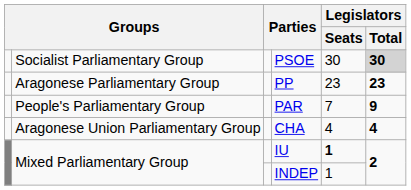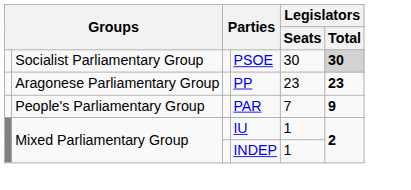 <table class="wikitable" style="text-align:left;">
 <tr>
 <th rowspan="2" colspan="2">Groups</th>
 <th rowspan="2" colspan="2">Parties</th>
 <th colspan="2">Legislators</th>
 </tr>
 <tr>
 <th>Seats</th>
 <th>Total</th>
 </tr>
 <tr>
 <td width="1" style="color:inherit;background:"></td>
 <td>Socialist Parliamentary Group</td>
 <td width="1" style="color:inherit;background:"></td>
 <td><a href='#'>PSOE</a></td>
 <td>30</td>
 <td style="background: lightgrey;"><strong>30</strong></td>
 </tr>
 <tr>
 <td style="color:inherit;background:"></td>
 <td>Aragonese Parliamentary Group</td>
 <td style="color:inherit;background:"></td>
 <td><a href='#'>PP</a></td>
 <td>23</td>
 <td><strong>23</strong></td>
 </tr>
 <tr>
 <td style="color:inherit;background:"></td>
 <td>People's Parliamentary Group</td>
 <td style="color:inherit;background:"></td>
 <td><a href='#'>PAR</a></td>
 <td>7</td>
 <td><strong>9</strong></td>
 </tr>
 <tr>
-<td style="color:inherit;background:"></td>
-<td>Aragonese Union Parliamentary Group</td>
-<td style="color:inherit;background:"></td>
-<td><a href='#'>CHA</a></td>
-<td>4</td>
-<td><strong>4</strong></td>
-</tr>
-<tr>
 <td rowspan="2" bgcolor="gray"></td>
 <td rowspan="2">Mixed Parliamentary Group</td>
 <td style="color:inherit;background:"></td>
 <td align="left"><a href='#'>IU</a></td>
-<td><strong>1</strong></td>
+<td>1</td>
 <td rowspan="2"><strong>2</strong></td>
 </tr>
 <tr>
 <td style="color:inherit;background:"></td>
 <td align="left"><a href='#'>INDEP</a></td>
 <td>1</td>
 </tr>
 </table>
